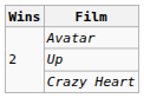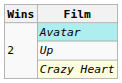 <table class="wikitable">
 <tr>
 <th>Wins</th>
 <th>Film</th>
 </tr>
 <tr>
 <td rowspan="3">2</td>
-<td><em>Avatar</em></td>
+<td style="background: paleturquoise;"><em>Avatar</em></td>
 </tr>
 <tr>
 <td><em>Up</em></td>
 </tr>
 <tr>
-<td><em>Crazy Heart</em></td>
+<td style="background: lightyellow;"><em>Crazy Heart</em></td>
 </tr>
 </table>
